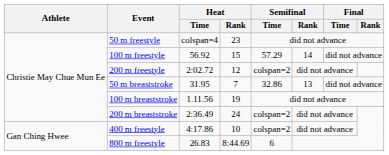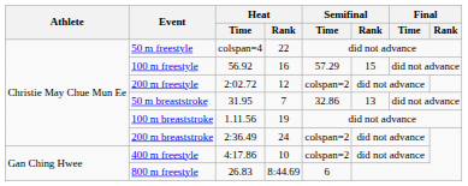 <table class=wikitable style="font-size:90%">
 <tr>
 <th rowspan="2">Athlete</th>
 <th rowspan="2">Event</th>
 <th colspan="2">Heat</th>
 <th colspan="2">Semifinal</th>
 <th colspan="2">Final</th>
 </tr>
 <tr style="font-size:95%">
 <th>Time</th>
 <th>Rank</th>
 <th>Time</th>
 <th>Rank</th>
 <th>Time</th>
 <th>Rank</th>
 </tr>
 <tr align=center>
 <td align=left rowspan=6>Christie May Chue Mun Ee</td>
 <td align=left><a href='#'>50 m freestyle</a></td>
 <td>colspan=4 </td>
-<td>23</td>
+<td>22</td>
 <td colspan=4>did not advance</td>
 </tr>
 <tr align=center>
 <td align=left><a href='#'>100 m freestyle</a></td>
 <td>56.92</td>
+<td>16</td>
+<td>57.29</td>
 <td>15</td>
-<td>57.29</td>
-<td>14</td>
 <td colspan=2>did not advance</td>
 </tr>
 <tr align=center>
 <td align=left><a href='#'>200 m freestyle</a></td>
 <td>2:02.72</td>
 <td>12</td>
 <td>colspan=2 </td>
 <td colspan=2>did not advance</td>
 </tr>
 <tr align=center>
 <td align=left><a href='#'>50 m breaststroke</a></td>
 <td>31.95</td>
 <td>7</td>
 <td>32.86</td>
 <td>13</td>
 <td colspan=2>did not advance</td>
 </tr>
 <tr align=center>
 <td align=left><a href='#'>100 m breaststroke</a></td>
 <td>1.11.56</td>
 <td>19</td>
 <td colspan=4>did not advance</td>
 </tr>
 <tr align=center>
 <td align=left><a href='#'>200 m breaststroke</a></td>
 <td>2:36.49</td>
 <td>24</td>
 <td>colspan=2 </td>
 <td colspan=2>did not advance</td>
 </tr>
 <tr align=center>
 <td align=left rowspan=2>Gan Ching Hwee</td>
 <td align=left><a href='#'>400 m freestyle</a></td>
 <td>4:17.86</td>
 <td>10</td>
 <td>colspan=2 </td>
 <td colspan=2>did not advance</td>
 </tr>
 <tr align=center>
 <td align=left><a href='#'>800 m freestyle</a></td>
 <td>26.83</td>
 <td>8:44.69</td>
 <td>6</td>
 </tr>
 </table>
